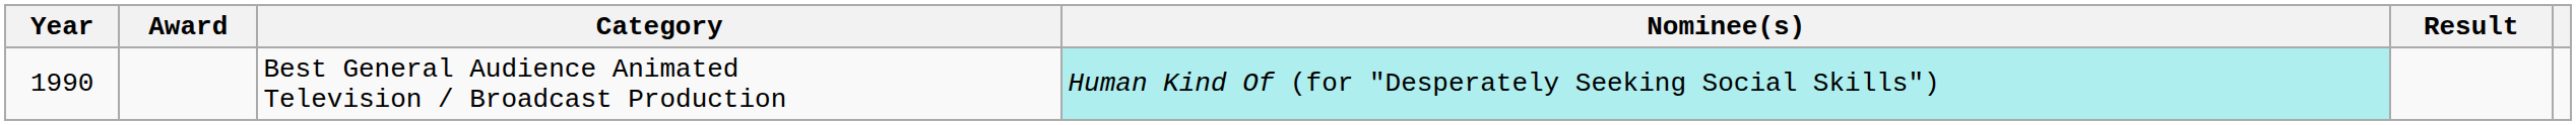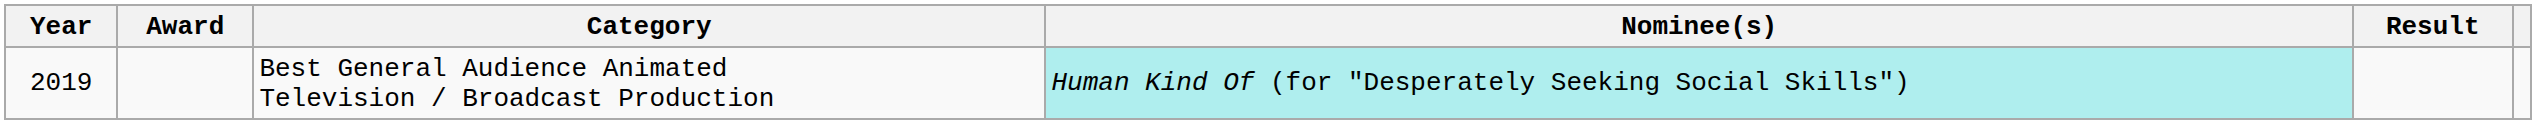 <table class="wikitable sortable" style="width:100%">
 <tr>
 <th scope="col">Year</th>
 <th scope="col">Award</th>
 <th scope="col">Category</th>
 <th scope="col">Nominee(s)</th>
 <th scope="col">Result</th>
 <th scope="col" class="unsortable"></th>
 </tr>
 <tr>
-<td align="center">1990</td>
+<td align="center">2019</td>
 <td align="center"></td>
 <td>Best General Audience Animated<br>Television / Broadcast Production</td>
 <td style="background: paleturquoise;"><em>Human Kind Of</em> (for "Desperately Seeking Social Skills")</td>
 <td></td>
 <td align="center"></td>
 </tr>
 <tr>
 </tr>
 </table>
